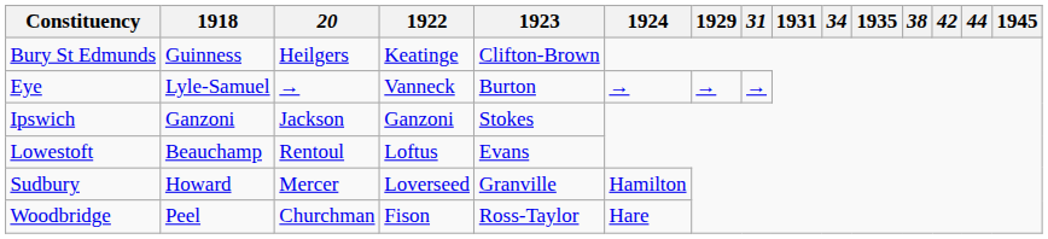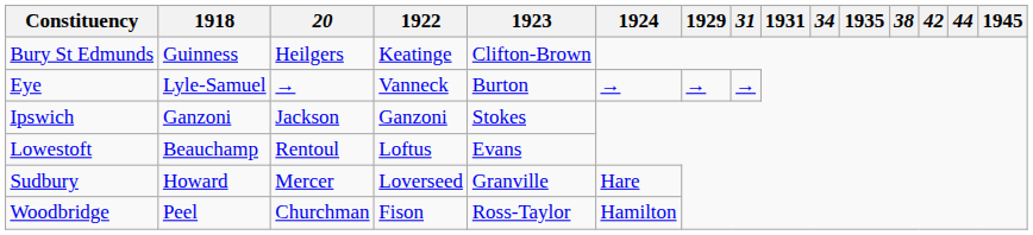 <table class="wikitable">
 <tr>
 <th>Constituency</th>
 <th>1918</th>
 <th><em>20</em></th>
 <th>1922</th>
 <th>1923</th>
 <th>1924</th>
 <th>1929</th>
 <th><em>31</em></th>
 <th>1931</th>
 <th><em>34</em></th>
 <th>1935</th>
 <th><em>38</em></th>
 <th><em>42</em></th>
 <th><em>44</em></th>
 <th>1945</th>
 </tr>
 <tr>
 <td><a href='#'>Bury St Edmunds</a></td>
 <td><a href='#'>Guinness</a></td>
 <td><a href='#'>Heilgers</a></td>
 <td><a href='#'>Keatinge</a></td>
 <td><a href='#'>Clifton-Brown</a></td>
 </tr>
 <tr>
 <td><a href='#'>Eye</a></td>
 <td><a href='#'>Lyle-Samuel</a></td>
 <td><a href='#'>→</a></td>
 <td><a href='#'>Vanneck</a></td>
 <td><a href='#'>Burton</a></td>
 <td><a href='#'>→</a></td>
 <td><a href='#'>→</a></td>
 <td><a href='#'>→</a></td>
 </tr>
 <tr>
 <td><a href='#'>Ipswich</a></td>
 <td><a href='#'>Ganzoni</a></td>
 <td><a href='#'>Jackson</a></td>
 <td><a href='#'>Ganzoni</a></td>
 <td><a href='#'>Stokes</a></td>
 </tr>
 <tr>
 <td><a href='#'>Lowestoft</a></td>
 <td><a href='#'>Beauchamp</a></td>
 <td><a href='#'>Rentoul</a></td>
 <td><a href='#'>Loftus</a></td>
 <td><a href='#'>Evans</a></td>
 </tr>
 <tr>
 <td><a href='#'>Sudbury</a></td>
 <td><a href='#'>Howard</a></td>
 <td><a href='#'>Mercer</a></td>
 <td bgcolor=><a href='#'>Loverseed</a></td>
 <td><a href='#'>Granville</a></td>
-<td><a href='#'>Hamilton</a></td>
+<td><a href='#'>Hare</a></td>
 </tr>
 <tr>
 <td><a href='#'>Woodbridge</a></td>
 <td><a href='#'>Peel</a></td>
 <td><a href='#'>Churchman</a></td>
 <td><a href='#'>Fison</a></td>
 <td><a href='#'>Ross-Taylor</a></td>
-<td><a href='#'>Hare</a></td>
+<td><a href='#'>Hamilton</a></td>
 </tr>
 </table>
